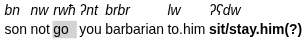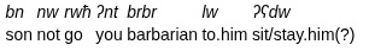 <table>
 <tr>
 <td><em> bn</em></td>
 <td><em>nw</em></td>
 <td><em>rwħ</em></td>
 <td><em>ʔnt</em></td>
 <td><em>brbr</em></td>
 <td><em>lw</em></td>
 <td><em>ʔʕdw</em></td>
 </tr>
 <tr>
 <td>son</td>
 <td>not</td>
-<td style="background: lightgrey;">go</td>
+<td>go</td>
 <td>you</td>
 <td>barbarian</td>
 <td>to.him</td>
-<td><strong>sit/stay.him(?)</strong></td>
+<td>sit/stay.him(?)</td>
 </tr>
 </table>
